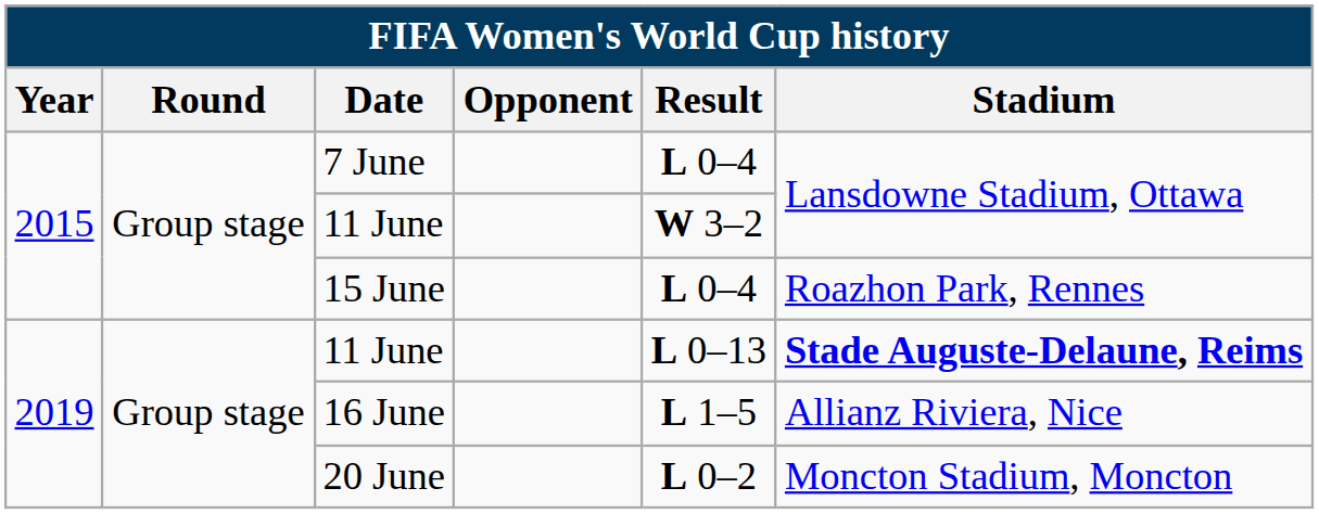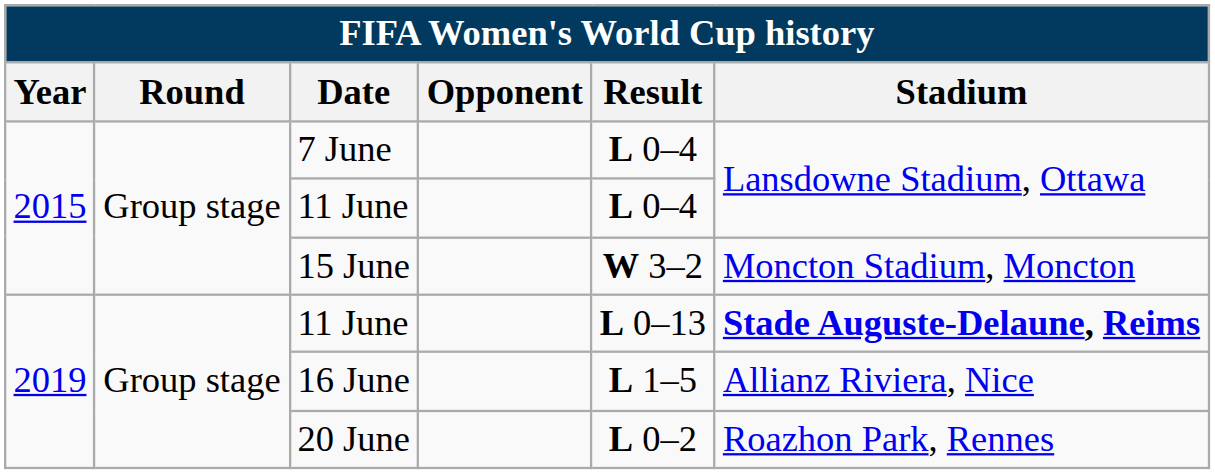 <table class="wikitable" style="text-align: center;font-size:100%;">
 <tr>
 <th colspan=6 style="background: #013A5E; color: #FFFFFF;">FIFA Women's World Cup history</th>
 </tr>
 <tr>
 <th>Year</th>
 <th>Round</th>
 <th>Date</th>
 <th>Opponent</th>
 <th>Result</th>
 <th>Stadium</th>
 </tr>
 <tr>
 <td rowspan=3> <a href='#'>2015</a></td>
 <td rowspan=3>Group stage</td>
 <td align="left">7 June</td>
 <td align="left"></td>
 <td><strong>L</strong> 0–4</td>
 <td rowspan=2 align="left"><a href='#'>Lansdowne Stadium</a>, <a href='#'>Ottawa</a></td>
 </tr>
 <tr>
 <td align="left">11 June</td>
 <td align="left"></td>
-<td><strong>W</strong> 3–2</td>
+<td><strong>L</strong> 0–4</td>
 </tr>
 <tr>
 <td align="left">15 June</td>
 <td align="left"></td>
-<td><strong>L</strong> 0–4</td>
-<td align="left"><a href='#'>Roazhon Park</a>, <a href='#'>Rennes</a></td>
+<td><strong>W</strong> 3–2</td>
+<td align="left"><a href='#'>Moncton Stadium</a>, <a href='#'>Moncton</a></td>
 </tr>
 <tr>
 <td rowspan=3> <a href='#'>2019</a></td>
 <td rowspan=3>Group stage</td>
 <td align="left">11 June</td>
 <td align="left"></td>
 <td><strong>L</strong> 0–13</td>
 <td align="left"><strong><a href='#'>Stade Auguste-Delaune</a>, <a href='#'>Reims</a></strong></td>
 </tr>
 <tr>
 <td align="left">16 June</td>
 <td align="left"></td>
 <td><strong>L</strong> 1–5</td>
 <td align="left"><a href='#'>Allianz Riviera</a>, <a href='#'>Nice</a></td>
 </tr>
 <tr>
 <td align="left">20 June</td>
 <td align="left"></td>
 <td><strong>L</strong> 0–2</td>
-<td align="left"><a href='#'>Moncton Stadium</a>, <a href='#'>Moncton</a></td>
+<td align="left"><a href='#'>Roazhon Park</a>, <a href='#'>Rennes</a></td>
 </tr>
 </table>
